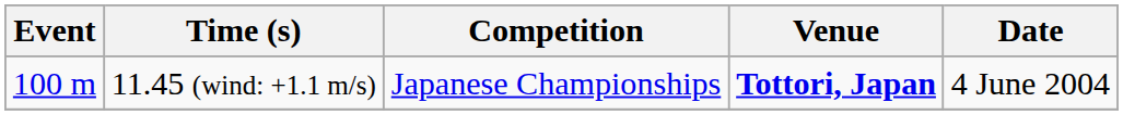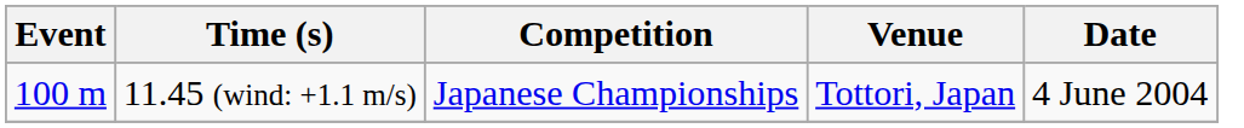 <table class="wikitable" style=text-align:center>
 <tr>
 <th>Event</th>
 <th>Time (s)</th>
 <th>Competition</th>
 <th>Venue</th>
 <th>Date</th>
 </tr>
 <tr>
 <td><a href='#'>100&nbsp;m</a></td>
 <td>11.45 <small>(wind: +1.1 m/s)</small></td>
 <td><a href='#'>Japanese Championships</a></td>
-<td><strong><a href='#'>Tottori, Japan</a></strong></td>
+<td><a href='#'>Tottori, Japan</a></td>
 <td>4 June 2004</td>
 </tr>
 <tr>
 </tr>
 </table>
